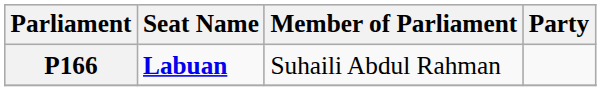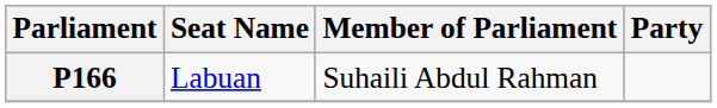 <table class="wikitable sortable">
 <tr>
 <th>Parliament</th>
 <th>Seat Name</th>
 <th>Member of Parliament</th>
 <th>Party</th>
 </tr>
 <tr>
 <th>P166</th>
-<td><strong><a href='#'>Labuan</a></strong></td>
+<td><a href='#'>Labuan</a></td>
 <td>Suhaili Abdul Rahman</td>
 <td></td>
 </tr>
 <tr>
 </tr>
 </table>
